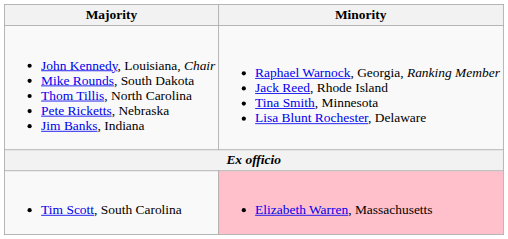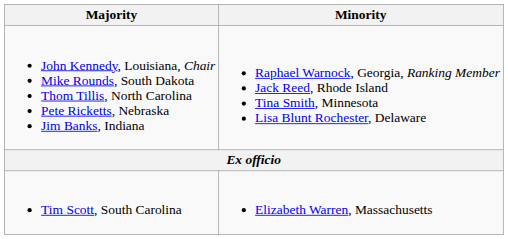 <table class=wikitable>
 <tr>
 <th>Majority</th>
 <th>Minority</th>
 </tr>
 <tr>
 <td><br><ul><li><a href='#'>John Kennedy</a>, Louisiana, <em>Chair</em></li><li><a href='#'>Mike Rounds</a>, South Dakota</li><li><a href='#'>Thom Tillis</a>, North Carolina</li><li><a href='#'>Pete Ricketts</a>, Nebraska</li><li><a href='#'>Jim Banks</a>, Indiana</li></ul></td>
 <td><br><ul><li><a href='#'>Raphael Warnock</a>, Georgia, <em>Ranking Member</em></li><li><a href='#'>Jack Reed</a>, Rhode Island</li><li><a href='#'>Tina Smith</a>, Minnesota</li><li><a href='#'>Lisa Blunt Rochester</a>, Delaware</li></ul></td>
 </tr>
 <tr>
 <th colspan=2><em>Ex officio</em></th>
 </tr>
 <tr>
 <td><br><ul><li><a href='#'>Tim Scott</a>, South Carolina</li></ul></td>
-<td style="background: pink;"><br><ul><li><a href='#'>Elizabeth Warren</a>, Massachusetts</li></ul></td>
+<td><br><ul><li><a href='#'>Elizabeth Warren</a>, Massachusetts</li></ul></td>
 </tr>
 </table>
